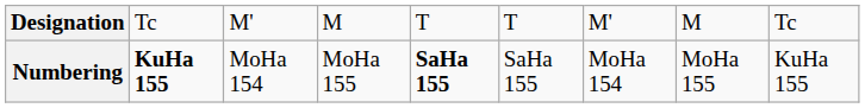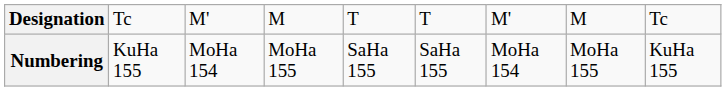 <table class="wikitable">
 <tr>
 <th>Designation</th>
 <td>Tc</td>
 <td>M'</td>
 <td>M</td>
 <td>T</td>
 <td>T</td>
 <td>M'</td>
 <td>M</td>
 <td>Tc</td>
 </tr>
 <tr>
 <th>Numbering</th>
-<td><strong>KuHa 155</strong></td>
+<td>KuHa 155</td>
 <td>MoHa 154</td>
 <td>MoHa 155</td>
-<td><strong>SaHa 155</strong></td>
+<td>SaHa 155</td>
 <td>SaHa 155</td>
 <td>MoHa 154</td>
 <td>MoHa 155</td>
 <td>KuHa 155</td>
 </tr>
 </table>
